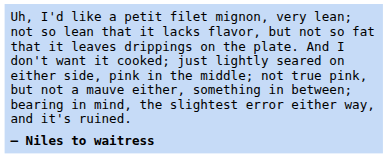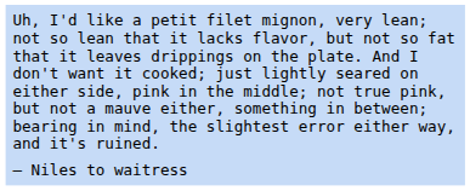 <table class="toccolours" style="float: left; margin-left: 1em; margin-right: 2em; font-size: x85%; background:#c6dbf7; color:black; width:30em; max-width: 40%;" cellspacing="5">
 <tr>
 <td style="text-align: left;">Uh, I'd like a petit filet mignon, very lean; not so lean that it lacks flavor, but not so fat that it leaves drippings on the plate. And I don't want it cooked; just lightly seared on either side, pink in the middle; not true pink, but not a mauve either, something in between; bearing in mind, the slightest error either way, and it's ruined.</td>
 </tr>
 <tr>
-<td style="text-align: left;"><strong>— Niles to waitress</strong></td>
+<td style="text-align: left;">— Niles to waitress</td>
 </tr>
 </table>
